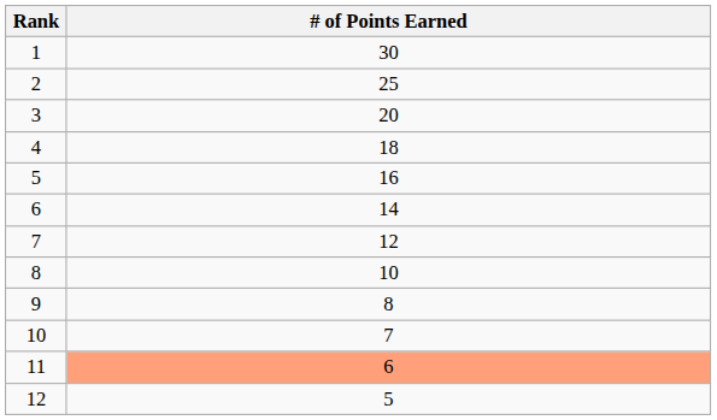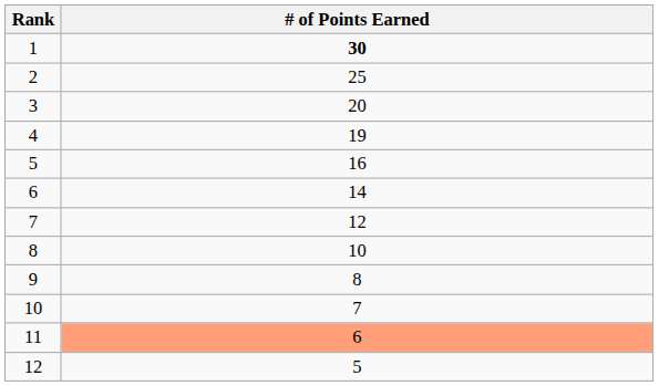 <table style="width:45%;" class="wikitable">
 <tr>
 <th style="text-align:center; width:1%;">Rank</th>
 <th style="text-align:center; width:50%;"># of Points Earned</th>
 </tr>
 <tr scope=row style="text-align:center">
 <td>1</td>
-<td>30</td>
+<td><strong>30</strong></td>
 </tr>
 <tr scope=row style="text-align:center">
 <td>2</td>
 <td>25</td>
 </tr>
 <tr scope=row style="text-align:center">
 <td>3</td>
 <td>20</td>
 </tr>
 <tr scope=row style="text-align:center">
 <td>4</td>
-<td>18</td>
+<td>19</td>
 </tr>
 <tr scope=row style="text-align:center">
 <td>5</td>
 <td>16</td>
 </tr>
 <tr scope=row style="text-align:center">
 <td>6</td>
 <td>14</td>
 </tr>
 <tr scope=row style="text-align:center">
 <td>7</td>
 <td>12</td>
 </tr>
 <tr scope=row style="text-align:center">
 <td>8</td>
 <td>10</td>
 </tr>
 <tr scope=row style="text-align:center">
 <td>9</td>
 <td>8</td>
 </tr>
 <tr scope=row style="text-align:center">
 <td>10</td>
 <td>7</td>
 </tr>
 <tr scope=row style="text-align:center">
 <td>11</td>
 <td style="background: lightsalmon;">6</td>
 </tr>
 <tr scope=row style="text-align:center">
 <td>12</td>
 <td>5</td>
 </tr>
 </table>
